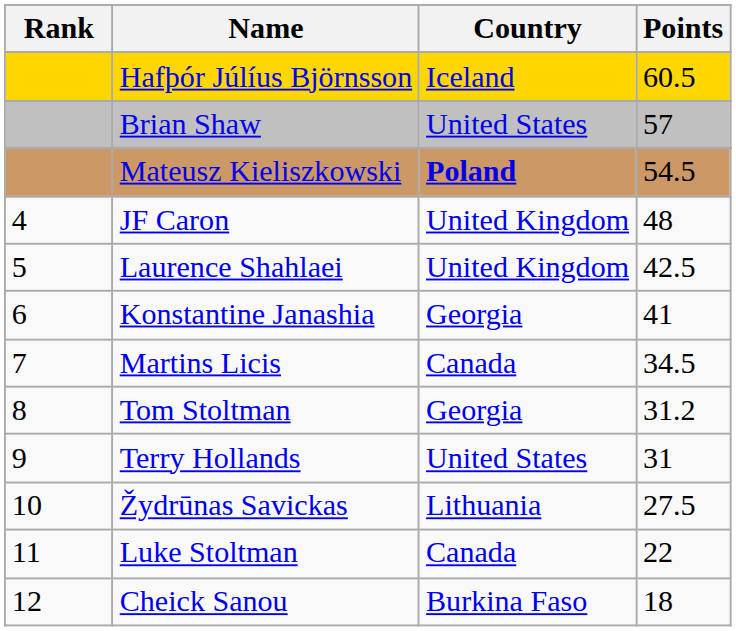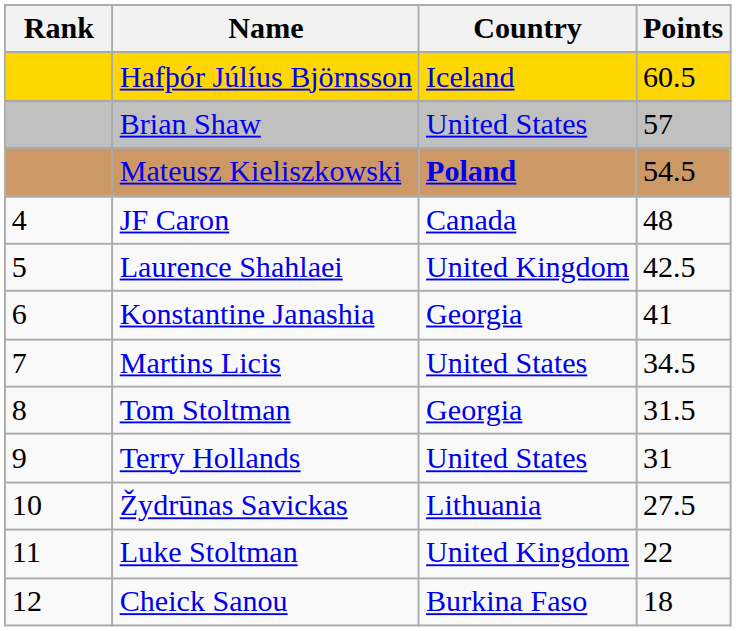 <table class="wikitable" style="display: inline-table;">
 <tr>
 <th style="width: 50px;">Rank</th>
 <th>Name</th>
 <th>Country</th>
 <th>Points</th>
 </tr>
 <tr 30>
 </tr>
 <tr style="background:gold;">
 <td></td>
 <td><a href='#'>Hafþór Júlíus Björnsson</a></td>
 <td> <a href='#'>Iceland</a></td>
 <td>60.5</td>
 </tr>
 <tr>
 </tr>
 <tr style="background:silver;">
 <td></td>
 <td><a href='#'>Brian Shaw</a></td>
 <td> <a href='#'>United States</a></td>
 <td>57</td>
 </tr>
 <tr>
 </tr>
 <tr style="background:#c96;">
 <td></td>
 <td><a href='#'>Mateusz Kieliszkowski</a></td>
 <td><strong> <a href='#'>Poland</a></strong></td>
 <td>54.5</td>
 </tr>
 <tr>
 <td>4</td>
 <td><a href='#'>JF Caron</a></td>
-<td> <a href='#'>United Kingdom</a></td>
+<td> <a href='#'>Canada</a></td>
 <td>48</td>
 </tr>
 <tr>
 <td>5</td>
 <td><a href='#'>Laurence Shahlaei</a></td>
 <td> <a href='#'>United Kingdom</a></td>
 <td>42.5</td>
 </tr>
 <tr>
 <td>6</td>
 <td><a href='#'>Konstantine Janashia</a></td>
 <td> <a href='#'>Georgia</a></td>
 <td>41</td>
 </tr>
 <tr>
 <td>7</td>
 <td><a href='#'>Martins Licis</a></td>
-<td> <a href='#'>Canada</a></td>
+<td> <a href='#'>United States</a></td>
 <td>34.5</td>
 </tr>
 <tr>
 <td>8</td>
 <td><a href='#'>Tom Stoltman</a></td>
 <td> <a href='#'>Georgia</a></td>
-<td>31.2</td>
+<td>31.5</td>
 </tr>
 <tr>
 <td>9</td>
 <td><a href='#'>Terry Hollands</a></td>
 <td> <a href='#'>United States</a></td>
 <td>31</td>
 </tr>
 <tr>
 <td>10</td>
 <td><a href='#'>Žydrūnas Savickas</a></td>
 <td> <a href='#'>Lithuania</a></td>
 <td>27.5</td>
 </tr>
 <tr>
 <td>11</td>
 <td><a href='#'>Luke Stoltman</a></td>
-<td> <a href='#'>Canada</a></td>
+<td> <a href='#'>United Kingdom</a></td>
 <td>22</td>
 </tr>
 <tr>
 <td>12</td>
 <td><a href='#'>Cheick Sanou</a></td>
 <td> <a href='#'>Burkina Faso</a></td>
 <td>18</td>
 </tr>
 </table>
